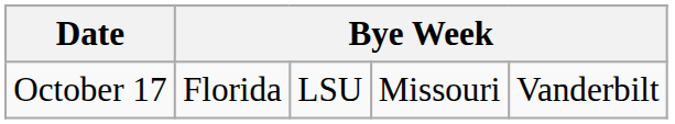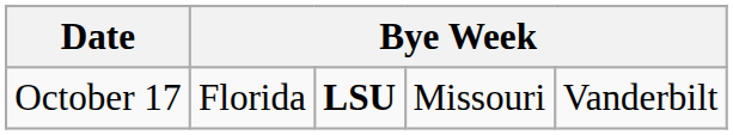 <table class="wikitable" style="font-size:95%;">
 <tr>
 <th>Date</th>
 <th colspan="4">Bye Week</th>
 </tr>
 <tr>
 <td>October 17</td>
 <td>Florida</td>
-<td>LSU</td>
+<td><strong>LSU</strong></td>
 <td>Missouri</td>
 <td>Vanderbilt</td>
 </tr>
 </table>
